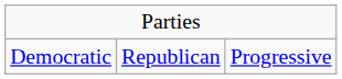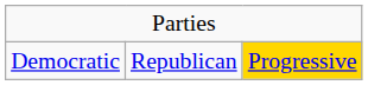 <table class="wikitable">
 <tr>
 <td style="text-align:center;" colspan="3">Parties</td>
 </tr>
 <tr>
 <td><a href='#'>Democratic</a></td>
 <td><a href='#'>Republican</a></td>
-<td><a href='#'>Progressive</a></td>
+<td style="background: gold;"><a href='#'>Progressive</a></td>
 </tr>
 </table>
